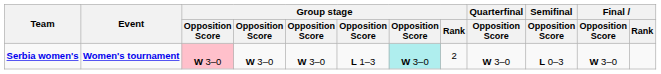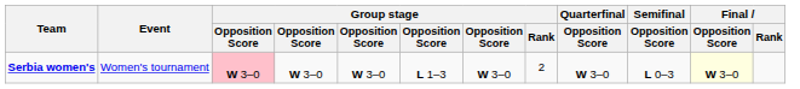 <table class="wikitable" style="font-size:90%">
 <tr>
 <th rowspan=2>Team</th>
 <th rowspan=2>Event</th>
 <th colspan=6>Group stage</th>
 <th>Quarterfinal</th>
 <th>Semifinal</th>
 <th colspan=2>Final / </th>
 </tr>
 <tr style="font-size:95%">
 <th>Opposition<br>Score</th>
 <th>Opposition<br>Score</th>
 <th>Opposition<br>Score</th>
 <th>Opposition<br>Score</th>
 <th>Opposition<br>Score</th>
 <th>Rank</th>
 <th>Opposition<br>Score</th>
 <th>Opposition<br>Score</th>
 <th>Opposition<br>Score</th>
 <th>Rank</th>
 </tr>
 <tr align=center>
 <td align=left><strong><a href='#'>Serbia women's</a></strong></td>
-<td align=left><strong><a href='#'>Women's tournament</a></strong></td>
+<td align=left><a href='#'>Women's tournament</a></td>
 <td style="background: pink;"> <br> <strong>W</strong> 3–0</td>
 <td> <br> <strong>W</strong> 3–0</td>
 <td> <br> <strong>W</strong> 3–0</td>
 <td> <br> <strong>L</strong> 1–3</td>
-<td style="background: paleturquoise;"> <br> <strong>W</strong> 3–0</td>
+<td> <br> <strong>W</strong> 3–0</td>
 <td>2 <strong></strong></td>
 <td> <br> <strong>W</strong> 3–0</td>
 <td> <br> <strong>L</strong> 0–3</td>
-<td> <br> <strong>W</strong> 3–0</td>
+<td style="background: lightyellow;"> <br> <strong>W</strong> 3–0</td>
 <td></td>
 </tr>
 </table>
